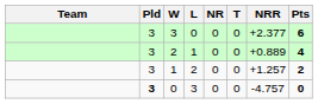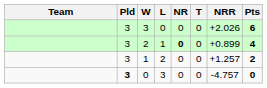 <table class="wikitable" style="text-align:center;">
 <tr>
 <th width=175>Team</th>
 <th style="width:20px;" abbr="Played">Pld</th>
 <th style="width:20px;" abbr="Won">W</th>
 <th style="width:20px;" abbr="Lost">L</th>
 <th style="width:20px;" abbr="No Result">NR</th>
 <th style="width:20px;" abbr="Tied">T</th>
 <th style="width:20px;" abbr="Net Run Rate">NRR</th>
 <th style="width:20px;" abbr="Points">Pts</th>
 </tr>
 <tr style="background:#cfc;">
 <td style="text-align:left;"></td>
 <td>3</td>
 <td>3</td>
 <td>0</td>
 <td>0</td>
 <td>0</td>
-<td>+2.377</td>
+<td>+2.026</td>
 <td><strong>6</strong></td>
 </tr>
 <tr style="background:#cfc;">
 <td style="text-align:left;"></td>
 <td>3</td>
 <td>2</td>
 <td>1</td>
+<td><strong>0</strong></td>
 <td>0</td>
-<td>0</td>
-<td>+0.889</td>
+<td>+0.899</td>
 <td><strong>4</strong></td>
 </tr>
 <tr style="background:#f9f9f9;">
 <td style="text-align:left;"></td>
 <td>3</td>
 <td>1</td>
 <td>2</td>
 <td>0</td>
 <td>0</td>
 <td>+1.257</td>
 <td><strong>2</strong></td>
 </tr>
 <tr style="background:#f9f9f9;">
 <td style="text-align:left;"></td>
 <td><strong>3</strong></td>
 <td>0</td>
 <td>3</td>
 <td>0</td>
 <td>0</td>
 <td>-4.757</td>
 <td><strong>0</strong></td>
 </tr>
 </table>
